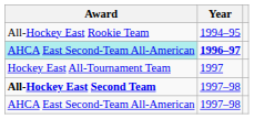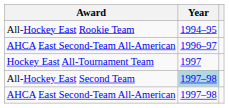 <table class="wikitable">
 <tr>
 <th>Award</th>
 <th>Year</th>
 <th></th>
 </tr>
 <tr>
 <td>All-<a href='#'>Hockey East</a> <a href='#'>Rookie Team</a></td>
 <td><a href='#'>1994–95</a></td>
 <td></td>
 </tr>
 <tr>
-<td style="background: paleturquoise;"><a href='#'>AHCA</a> <a href='#'>East Second-Team All-American</a></td>
-<td><strong><a href='#'>1996–97</a></strong></td>
+<td><a href='#'>AHCA</a> <a href='#'>East Second-Team All-American</a></td>
+<td><a href='#'>1996–97</a></td>
 <td></td>
 </tr>
 <tr>
 <td><a href='#'>Hockey East</a> <a href='#'>All-Tournament Team</a></td>
 <td><a href='#'>1997</a></td>
 <td></td>
 </tr>
 <tr>
-<td><strong>All-<a href='#'>Hockey East</a> <a href='#'>Second Team</a></strong></td>
-<td><a href='#'>1997–98</a></td>
+<td>All-<a href='#'>Hockey East</a> <a href='#'>Second Team</a></td>
+<td style="background: lightblue;"><a href='#'>1997–98</a></td>
 <td></td>
 </tr>
 <tr>
 <td><a href='#'>AHCA</a> <a href='#'>East Second-Team All-American</a></td>
 <td><a href='#'>1997–98</a></td>
 <td></td>
 </tr>
 </table>
